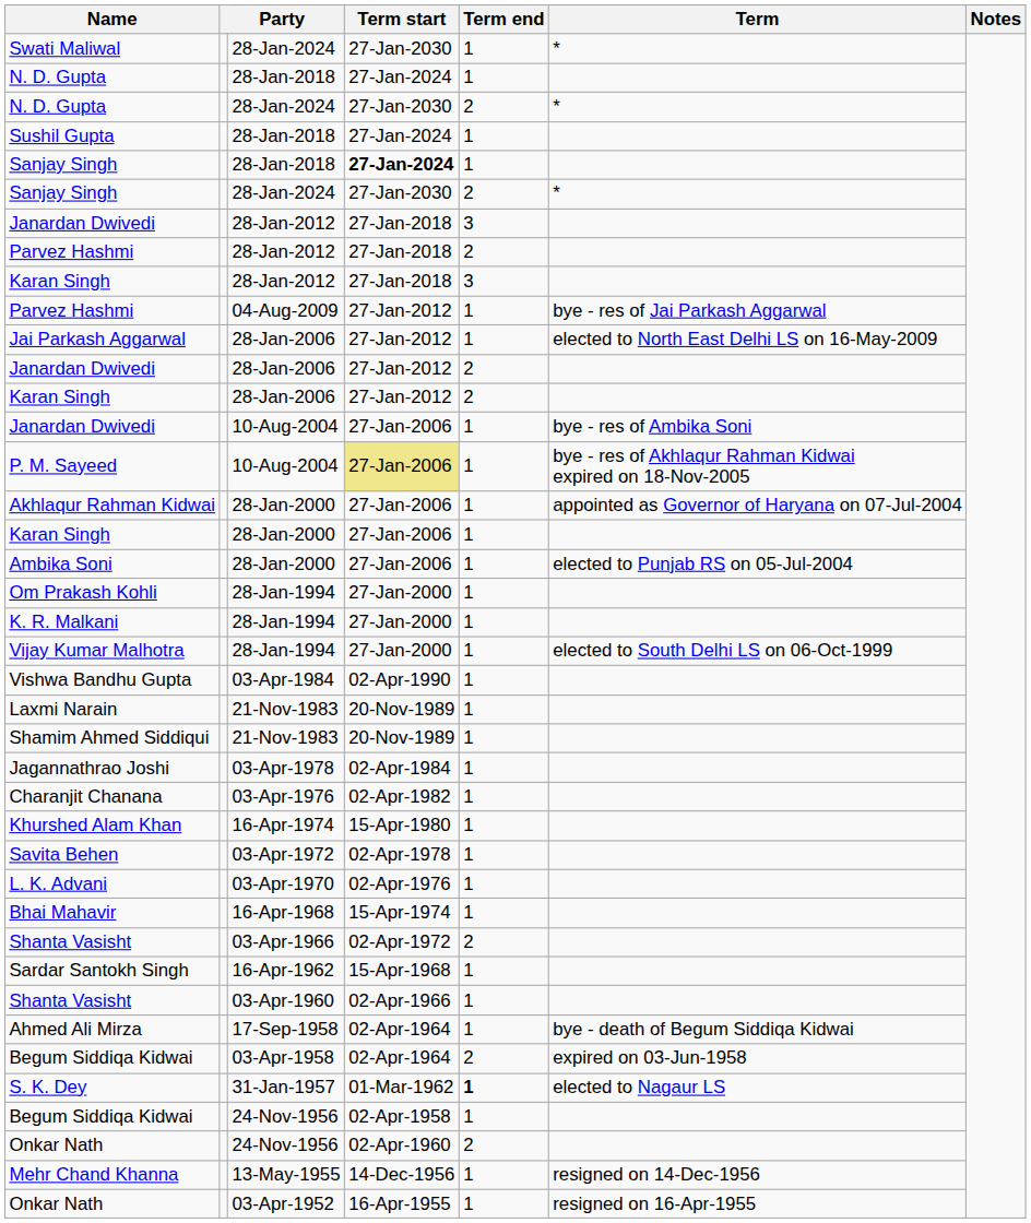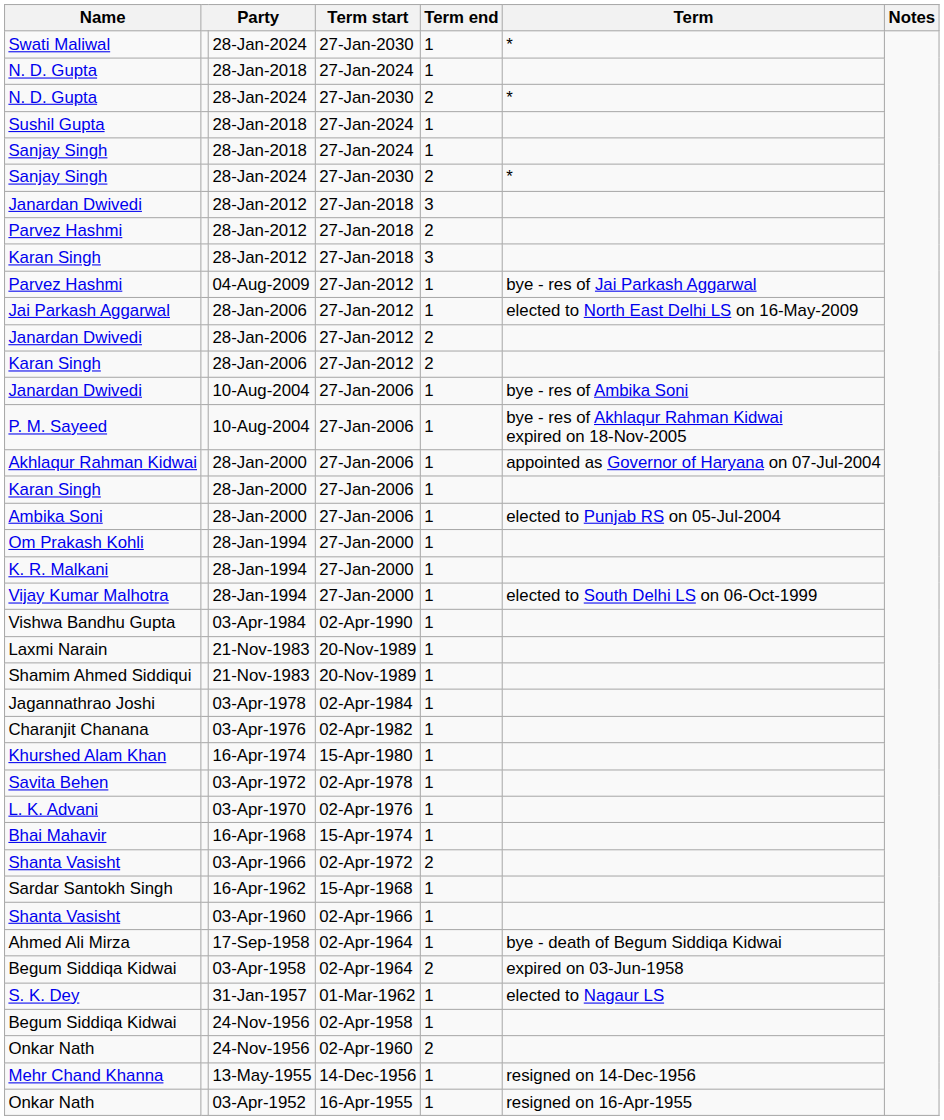 <table class="wikitable sortable">
 <tr>
 <th>Name</th>
 <th colspan="2">Party</th>
 <th>Term start</th>
 <th>Term end</th>
 <th>Term</th>
 <th>Notes</th>
 </tr>
 <tr>
 <td><a href='#'>Swati Maliwal</a></td>
 <td></td>
 <td>28-Jan-2024</td>
 <td>27-Jan-2030</td>
 <td>1</td>
 <td>*</td>
 </tr>
 <tr>
 <td><a href='#'>N. D. Gupta</a></td>
 <td></td>
 <td>28-Jan-2018</td>
 <td>27-Jan-2024</td>
 <td>1</td>
 <td></td>
 </tr>
 <tr>
 <td><a href='#'>N. D. Gupta</a></td>
 <td></td>
 <td>28-Jan-2024</td>
 <td>27-Jan-2030</td>
 <td>2</td>
 <td>*</td>
 </tr>
 <tr>
 <td><a href='#'>Sushil Gupta</a></td>
 <td></td>
 <td>28-Jan-2018</td>
 <td>27-Jan-2024</td>
 <td>1</td>
 <td></td>
 </tr>
 <tr>
 <td><a href='#'>Sanjay Singh</a></td>
 <td></td>
 <td>28-Jan-2018</td>
-<td><strong>27-Jan-2024</strong></td>
+<td>27-Jan-2024</td>
 <td>1</td>
 <td></td>
 </tr>
 <tr>
 <td><a href='#'>Sanjay Singh</a></td>
 <td></td>
 <td>28-Jan-2024</td>
 <td>27-Jan-2030</td>
 <td>2</td>
 <td>*</td>
 </tr>
 <tr>
 <td><a href='#'>Janardan Dwivedi</a></td>
 <td></td>
 <td>28-Jan-2012</td>
 <td>27-Jan-2018</td>
 <td>3</td>
 <td></td>
 </tr>
 <tr>
 <td><a href='#'>Parvez Hashmi</a></td>
 <td></td>
 <td>28-Jan-2012</td>
 <td>27-Jan-2018</td>
 <td>2</td>
 <td></td>
 </tr>
 <tr>
 <td><a href='#'>Karan Singh</a></td>
 <td></td>
 <td>28-Jan-2012</td>
 <td>27-Jan-2018</td>
 <td>3</td>
 <td></td>
 </tr>
 <tr>
 <td><a href='#'>Parvez Hashmi</a></td>
 <td></td>
 <td>04-Aug-2009</td>
 <td>27-Jan-2012</td>
 <td>1</td>
 <td>bye - res of <a href='#'>Jai Parkash Aggarwal</a></td>
 </tr>
 <tr>
 <td><a href='#'>Jai Parkash Aggarwal</a></td>
 <td></td>
 <td>28-Jan-2006</td>
 <td>27-Jan-2012</td>
 <td>1</td>
 <td>elected to <a href='#'>North East Delhi LS</a> on 16-May-2009</td>
 </tr>
 <tr>
 <td><a href='#'>Janardan Dwivedi</a></td>
 <td></td>
 <td>28-Jan-2006</td>
 <td>27-Jan-2012</td>
 <td>2</td>
 <td></td>
 </tr>
 <tr>
 <td><a href='#'>Karan Singh</a></td>
 <td></td>
 <td>28-Jan-2006</td>
 <td>27-Jan-2012</td>
 <td>2</td>
 <td></td>
 </tr>
 <tr>
 <td><a href='#'>Janardan Dwivedi</a></td>
 <td></td>
 <td>10-Aug-2004</td>
 <td>27-Jan-2006</td>
 <td>1</td>
 <td>bye - res of <a href='#'>Ambika Soni</a></td>
 </tr>
 <tr>
 <td><a href='#'>P. M. Sayeed</a></td>
 <td></td>
 <td>10-Aug-2004</td>
-<td style="background: khaki;">27-Jan-2006</td>
+<td>27-Jan-2006</td>
 <td>1</td>
 <td>bye - res of <a href='#'>Akhlaqur Rahman Kidwai</a><br>expired on 18-Nov-2005</td>
 </tr>
 <tr>
 <td><a href='#'>Akhlaqur Rahman Kidwai</a></td>
 <td></td>
 <td>28-Jan-2000</td>
 <td>27-Jan-2006</td>
 <td>1</td>
 <td>appointed as <a href='#'>Governor of Haryana</a> on 07-Jul-2004</td>
 </tr>
 <tr>
 <td><a href='#'>Karan Singh</a></td>
 <td></td>
 <td>28-Jan-2000</td>
 <td>27-Jan-2006</td>
 <td>1</td>
 <td></td>
 </tr>
 <tr>
 <td><a href='#'>Ambika Soni</a></td>
 <td></td>
 <td>28-Jan-2000</td>
 <td>27-Jan-2006</td>
 <td>1</td>
 <td>elected to <a href='#'>Punjab RS</a> on 05-Jul-2004</td>
 </tr>
 <tr>
 <td><a href='#'>Om Prakash Kohli</a></td>
 <td></td>
 <td>28-Jan-1994</td>
 <td>27-Jan-2000</td>
 <td>1</td>
 <td></td>
 </tr>
 <tr>
 <td><a href='#'>K. R. Malkani</a></td>
 <td></td>
 <td>28-Jan-1994</td>
 <td>27-Jan-2000</td>
 <td>1</td>
 <td></td>
 </tr>
 <tr>
 <td><a href='#'>Vijay Kumar Malhotra</a></td>
 <td></td>
 <td>28-Jan-1994</td>
 <td>27-Jan-2000</td>
 <td>1</td>
 <td>elected to <a href='#'>South Delhi LS</a> on 06-Oct-1999</td>
 </tr>
 <tr>
 <td>Vishwa Bandhu Gupta</td>
 <td></td>
 <td>03-Apr-1984</td>
 <td>02-Apr-1990</td>
 <td>1</td>
 <td></td>
 </tr>
 <tr>
 <td>Laxmi Narain</td>
 <td></td>
 <td>21-Nov-1983</td>
 <td>20-Nov-1989</td>
 <td>1</td>
 <td></td>
 </tr>
 <tr>
 <td>Shamim Ahmed Siddiqui</td>
 <td></td>
 <td>21-Nov-1983</td>
 <td>20-Nov-1989</td>
 <td>1</td>
 <td></td>
 </tr>
 <tr>
 <td>Jagannathrao Joshi</td>
 <td></td>
 <td>03-Apr-1978</td>
 <td>02-Apr-1984</td>
 <td>1</td>
 <td></td>
 </tr>
 <tr>
 <td>Charanjit Chanana</td>
 <td></td>
 <td>03-Apr-1976</td>
 <td>02-Apr-1982</td>
 <td>1</td>
 <td></td>
 </tr>
 <tr>
 <td><a href='#'>Khurshed Alam Khan</a></td>
 <td></td>
 <td>16-Apr-1974</td>
 <td>15-Apr-1980</td>
 <td>1</td>
 <td></td>
 </tr>
 <tr>
 <td><a href='#'>Savita Behen</a></td>
 <td></td>
 <td>03-Apr-1972</td>
 <td>02-Apr-1978</td>
 <td>1</td>
 <td></td>
 </tr>
 <tr>
 <td><a href='#'>L. K. Advani</a></td>
 <td></td>
 <td>03-Apr-1970</td>
 <td>02-Apr-1976</td>
 <td>1</td>
 <td></td>
 </tr>
 <tr>
 <td><a href='#'>Bhai Mahavir</a></td>
 <td></td>
 <td>16-Apr-1968</td>
 <td>15-Apr-1974</td>
 <td>1</td>
 <td></td>
 </tr>
 <tr>
 <td><a href='#'>Shanta Vasisht</a></td>
 <td></td>
 <td>03-Apr-1966</td>
 <td>02-Apr-1972</td>
 <td>2</td>
 <td></td>
 </tr>
 <tr>
 <td>Sardar Santokh Singh</td>
 <td></td>
 <td>16-Apr-1962</td>
 <td>15-Apr-1968</td>
 <td>1</td>
 <td></td>
 </tr>
 <tr>
 <td><a href='#'>Shanta Vasisht</a></td>
 <td></td>
 <td>03-Apr-1960</td>
 <td>02-Apr-1966</td>
 <td>1</td>
 <td></td>
 </tr>
 <tr>
 <td>Ahmed Ali Mirza</td>
 <td></td>
 <td>17-Sep-1958</td>
 <td>02-Apr-1964</td>
 <td>1</td>
 <td>bye - death of Begum Siddiqa Kidwai</td>
 </tr>
 <tr>
 <td>Begum Siddiqa Kidwai</td>
 <td></td>
 <td>03-Apr-1958</td>
 <td>02-Apr-1964</td>
 <td>2</td>
 <td>expired on 03-Jun-1958</td>
 </tr>
 <tr>
 <td><a href='#'>S. K. Dey</a></td>
 <td></td>
 <td>31-Jan-1957</td>
 <td>01-Mar-1962</td>
-<td><strong>1</strong></td>
+<td>1</td>
 <td>elected to <a href='#'>Nagaur LS</a></td>
 </tr>
 <tr>
 <td>Begum Siddiqa Kidwai</td>
 <td></td>
 <td>24-Nov-1956</td>
 <td>02-Apr-1958</td>
 <td>1</td>
 <td></td>
 </tr>
 <tr>
 <td>Onkar Nath</td>
 <td></td>
 <td>24-Nov-1956</td>
 <td>02-Apr-1960</td>
 <td>2</td>
 <td></td>
 </tr>
 <tr>
 <td><a href='#'>Mehr Chand Khanna</a></td>
 <td></td>
 <td>13-May-1955</td>
 <td>14-Dec-1956</td>
 <td>1</td>
 <td>resigned on 14-Dec-1956</td>
 </tr>
 <tr>
 <td>Onkar Nath</td>
 <td></td>
 <td>03-Apr-1952</td>
 <td>16-Apr-1955</td>
 <td>1</td>
 <td>resigned on 16-Apr-1955</td>
 </tr>
 </table>
